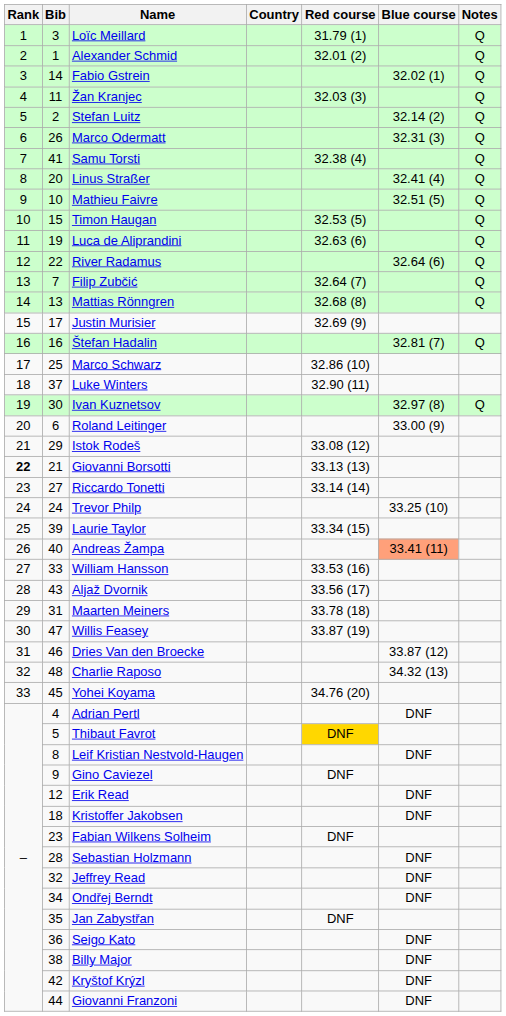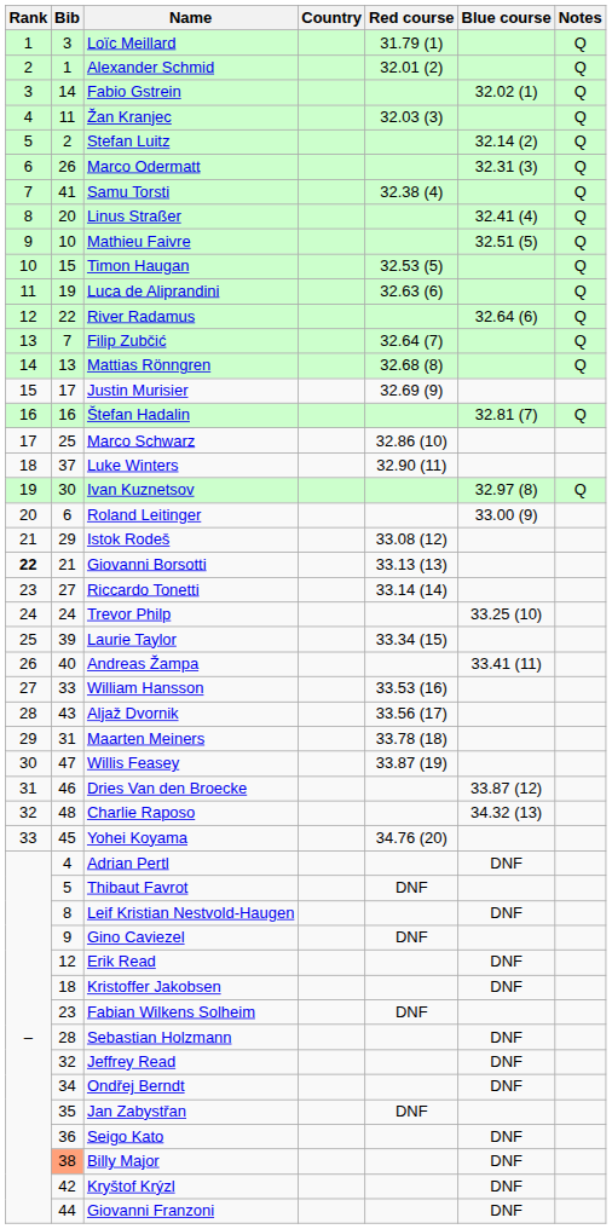 <table class="wikitable sortable" style="text-align:center">
 <tr>
 <th>Rank</th>
 <th>Bib</th>
 <th>Name</th>
 <th>Country</th>
 <th>Red course</th>
 <th>Blue course</th>
 <th>Notes</th>
 </tr>
 <tr bgcolor=ccffcc>
 <td>1</td>
 <td>3</td>
 <td align=left><a href='#'>Loïc Meillard</a></td>
 <td align=left> </td>
 <td>31.79 (1)</td>
 <td></td>
 <td>Q</td>
 </tr>
 <tr bgcolor=ccffcc>
 <td>2</td>
 <td>1</td>
 <td align=left><a href='#'>Alexander Schmid</a></td>
 <td align=left></td>
 <td>32.01 (2)</td>
 <td></td>
 <td>Q</td>
 </tr>
 <tr bgcolor=ccffcc>
 <td>3</td>
 <td>14</td>
 <td align=left><a href='#'>Fabio Gstrein</a></td>
 <td align=left></td>
 <td></td>
 <td>32.02 (1)</td>
 <td>Q</td>
 </tr>
 <tr bgcolor=ccffcc>
 <td>4</td>
 <td>11</td>
 <td align=left><a href='#'>Žan Kranjec</a></td>
 <td align=left></td>
 <td>32.03 (3)</td>
 <td></td>
 <td>Q</td>
 </tr>
 <tr bgcolor=ccffcc>
 <td>5</td>
 <td>2</td>
 <td align=left><a href='#'>Stefan Luitz</a></td>
 <td align=left></td>
 <td></td>
 <td>32.14 (2)</td>
 <td>Q</td>
 </tr>
 <tr bgcolor=ccffcc>
 <td>6</td>
 <td>26</td>
 <td align=left><a href='#'>Marco Odermatt</a></td>
 <td align=left> </td>
 <td></td>
 <td>32.31 (3)</td>
 <td>Q</td>
 </tr>
 <tr bgcolor=ccffcc>
 <td>7</td>
 <td>41</td>
 <td align=left><a href='#'>Samu Torsti</a></td>
 <td align=left></td>
 <td>32.38 (4)</td>
 <td></td>
 <td>Q</td>
 </tr>
 <tr bgcolor=ccffcc>
 <td>8</td>
 <td>20</td>
 <td align=left><a href='#'>Linus Straßer</a></td>
 <td align=left></td>
 <td></td>
 <td>32.41 (4)</td>
 <td>Q</td>
 </tr>
 <tr bgcolor=ccffcc>
 <td>9</td>
 <td>10</td>
 <td align=left><a href='#'>Mathieu Faivre</a></td>
 <td align=left></td>
 <td></td>
 <td>32.51 (5)</td>
 <td>Q</td>
 </tr>
 <tr bgcolor=ccffcc>
 <td>10</td>
 <td>15</td>
 <td align=left><a href='#'>Timon Haugan</a></td>
 <td align=left></td>
 <td>32.53 (5)</td>
 <td></td>
 <td>Q</td>
 </tr>
 <tr bgcolor=ccffcc>
 <td>11</td>
 <td>19</td>
 <td align=left><a href='#'>Luca de Aliprandini</a></td>
 <td align=left></td>
 <td>32.63 (6)</td>
 <td></td>
 <td>Q</td>
 </tr>
 <tr bgcolor=ccffcc>
 <td>12</td>
 <td>22</td>
 <td align=left><a href='#'>River Radamus</a></td>
 <td align=left></td>
 <td></td>
 <td>32.64 (6)</td>
 <td>Q</td>
 </tr>
 <tr bgcolor=ccffcc>
 <td>13</td>
 <td>7</td>
 <td align=left><a href='#'>Filip Zubčić</a></td>
 <td align=left></td>
 <td>32.64 (7)</td>
 <td></td>
 <td>Q</td>
 </tr>
 <tr bgcolor=ccffcc>
 <td>14</td>
 <td>13</td>
 <td align=left><a href='#'>Mattias Rönngren</a></td>
 <td align=left></td>
 <td>32.68 (8)</td>
 <td></td>
 <td>Q</td>
 </tr>
 <tr>
 <td>15</td>
 <td>17</td>
 <td align=left><a href='#'>Justin Murisier</a></td>
 <td align=left> </td>
 <td>32.69 (9)</td>
 <td></td>
 <td></td>
 </tr>
 <tr bgcolor=ccffcc>
 <td>16</td>
 <td>16</td>
 <td align=left><a href='#'>Štefan Hadalin</a></td>
 <td align=left></td>
 <td></td>
 <td>32.81 (7)</td>
 <td>Q</td>
 </tr>
 <tr>
 <td>17</td>
 <td>25</td>
 <td align=left><a href='#'>Marco Schwarz</a></td>
 <td align=left></td>
 <td>32.86 (10)</td>
 <td></td>
 <td></td>
 </tr>
 <tr>
 <td>18</td>
 <td>37</td>
 <td align=left><a href='#'>Luke Winters</a></td>
 <td align=left></td>
 <td>32.90 (11)</td>
 <td></td>
 <td></td>
 </tr>
 <tr bgcolor=ccffcc>
 <td>19</td>
 <td>30</td>
 <td align=left><a href='#'>Ivan Kuznetsov</a></td>
 <td align=left></td>
 <td></td>
 <td>32.97 (8)</td>
 <td>Q</td>
 </tr>
 <tr>
 <td>20</td>
 <td>6</td>
 <td align=left><a href='#'>Roland Leitinger</a></td>
 <td align=left></td>
 <td></td>
 <td>33.00 (9)</td>
 <td></td>
 </tr>
 <tr>
 <td>21</td>
 <td>29</td>
 <td align=left><a href='#'>Istok Rodeš</a></td>
 <td align=left></td>
 <td>33.08 (12)</td>
 <td></td>
 <td></td>
 </tr>
 <tr>
 <td><strong>22</strong></td>
 <td>21</td>
 <td align=left><a href='#'>Giovanni Borsotti</a></td>
 <td align=left></td>
 <td>33.13 (13)</td>
 <td></td>
 <td></td>
 </tr>
 <tr>
 <td>23</td>
 <td>27</td>
 <td align=left><a href='#'>Riccardo Tonetti</a></td>
 <td align=left></td>
 <td>33.14 (14)</td>
 <td></td>
 <td></td>
 </tr>
 <tr>
 <td>24</td>
 <td>24</td>
 <td align=left><a href='#'>Trevor Philp</a></td>
 <td align=left></td>
 <td></td>
 <td>33.25 (10)</td>
 <td></td>
 </tr>
 <tr>
 <td>25</td>
 <td>39</td>
 <td align=left><a href='#'>Laurie Taylor</a></td>
 <td align=left></td>
 <td>33.34 (15)</td>
 <td></td>
 <td></td>
 </tr>
 <tr>
 <td>26</td>
 <td>40</td>
 <td align=left><a href='#'>Andreas Žampa</a></td>
 <td align=left></td>
 <td></td>
-<td style="background: lightsalmon;">33.41 (11)</td>
+<td>33.41 (11)</td>
 <td></td>
 </tr>
 <tr>
 <td>27</td>
 <td>33</td>
 <td align=left><a href='#'>William Hansson</a></td>
 <td align=left></td>
 <td>33.53 (16)</td>
 <td></td>
 <td></td>
 </tr>
 <tr>
 <td>28</td>
 <td>43</td>
 <td align=left><a href='#'>Aljaž Dvornik</a></td>
 <td align=left></td>
 <td>33.56 (17)</td>
 <td></td>
 <td></td>
 </tr>
 <tr>
 <td>29</td>
 <td>31</td>
 <td align=left><a href='#'>Maarten Meiners</a></td>
 <td align=left></td>
 <td>33.78 (18)</td>
 <td></td>
 <td></td>
 </tr>
 <tr>
 <td>30</td>
 <td>47</td>
 <td align=left><a href='#'>Willis Feasey</a></td>
 <td align=left></td>
 <td>33.87 (19)</td>
 <td></td>
 <td></td>
 </tr>
 <tr>
 <td>31</td>
 <td>46</td>
 <td align=left><a href='#'>Dries Van den Broecke</a></td>
 <td align=left></td>
 <td></td>
 <td>33.87 (12)</td>
 <td></td>
 </tr>
 <tr>
 <td>32</td>
 <td>48</td>
 <td align=left><a href='#'>Charlie Raposo</a></td>
 <td align=left></td>
 <td></td>
 <td>34.32 (13)</td>
 <td></td>
 </tr>
 <tr>
 <td>33</td>
 <td>45</td>
 <td align=left><a href='#'>Yohei Koyama</a></td>
 <td align=left></td>
 <td>34.76 (20)</td>
 <td></td>
 <td></td>
 </tr>
 <tr>
 <td rowspan=15>–</td>
 <td>4</td>
 <td align=left><a href='#'>Adrian Pertl</a></td>
 <td align=left></td>
 <td></td>
 <td>DNF</td>
 <td></td>
 </tr>
 <tr>
 <td>5</td>
 <td align=left><a href='#'>Thibaut Favrot</a></td>
 <td align=left></td>
-<td style="background: gold;">DNF</td>
+<td>DNF</td>
 <td></td>
 <td></td>
 </tr>
 <tr>
 <td>8</td>
 <td align=left><a href='#'>Leif Kristian Nestvold-Haugen</a></td>
 <td align=left></td>
 <td></td>
 <td>DNF</td>
 <td></td>
 </tr>
 <tr>
 <td>9</td>
 <td align=left><a href='#'>Gino Caviezel</a></td>
 <td align=left> </td>
 <td>DNF</td>
 <td></td>
 <td></td>
 </tr>
 <tr>
 <td>12</td>
 <td align=left><a href='#'>Erik Read</a></td>
 <td align=left></td>
 <td></td>
 <td>DNF</td>
 <td></td>
 </tr>
 <tr>
 <td>18</td>
 <td align=left><a href='#'>Kristoffer Jakobsen</a></td>
 <td align=left></td>
 <td></td>
 <td>DNF</td>
 <td></td>
 </tr>
 <tr>
 <td>23</td>
 <td align=left><a href='#'>Fabian Wilkens Solheim</a></td>
 <td align=left></td>
 <td>DNF</td>
 <td></td>
 <td></td>
 </tr>
 <tr>
 <td>28</td>
 <td align=left><a href='#'>Sebastian Holzmann</a></td>
 <td align=left></td>
 <td></td>
 <td>DNF</td>
 <td></td>
 </tr>
 <tr>
 <td>32</td>
 <td align=left><a href='#'>Jeffrey Read</a></td>
 <td align=left></td>
 <td></td>
 <td>DNF</td>
 <td></td>
 </tr>
 <tr>
 <td>34</td>
 <td align=left><a href='#'>Ondřej Berndt</a></td>
 <td align=left></td>
 <td></td>
 <td>DNF</td>
 <td></td>
 </tr>
 <tr>
 <td>35</td>
 <td align=left><a href='#'>Jan Zabystřan</a></td>
 <td align=left></td>
 <td>DNF</td>
 <td></td>
 <td></td>
 </tr>
 <tr>
 <td>36</td>
 <td align=left><a href='#'>Seigo Kato</a></td>
 <td align=left></td>
 <td></td>
 <td>DNF</td>
 <td></td>
 </tr>
 <tr>
-<td>38</td>
+<td style="background: lightsalmon;">38</td>
 <td align=left><a href='#'>Billy Major</a></td>
 <td align=left></td>
 <td></td>
 <td>DNF</td>
 <td></td>
 </tr>
 <tr>
 <td>42</td>
 <td align=left><a href='#'>Kryštof Krýzl</a></td>
 <td align=left></td>
 <td></td>
 <td>DNF</td>
 <td></td>
 </tr>
 <tr>
 <td>44</td>
 <td align=left><a href='#'>Giovanni Franzoni</a></td>
 <td align=left></td>
 <td></td>
 <td>DNF</td>
 <td></td>
 </tr>
 </table>
